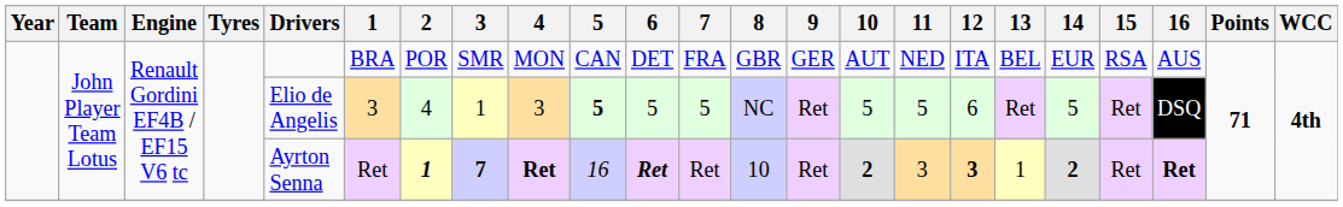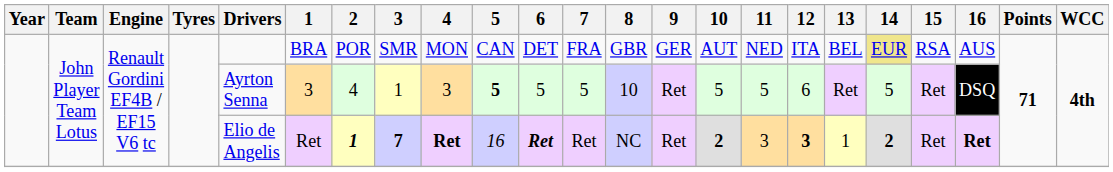 <table class="wikitable" style="text-align:center; font-size:95%">
 <tr>
 <th>Year</th>
 <th>Team</th>
 <th>Engine</th>
 <th>Tyres</th>
 <th>Drivers</th>
 <th>1</th>
 <th>2</th>
 <th>3</th>
 <th>4</th>
 <th>5</th>
 <th>6</th>
 <th>7</th>
 <th>8</th>
 <th>9</th>
 <th>10</th>
 <th>11</th>
 <th>12</th>
 <th>13</th>
 <th>14</th>
 <th>15</th>
 <th>16</th>
 <th>Points</th>
 <th>WCC</th>
 </tr>
 <tr>
 <td rowspan="3"></td>
 <td rowspan="3"><a href='#'>John Player</a> <a href='#'>Team Lotus</a></td>
 <td rowspan="3"><a href='#'>Renault Gordini</a><br><a href='#'>EF4B</a> / <a href='#'>EF15</a><br><a href='#'>V6</a> <a href='#'>tc</a></td>
 <td rowspan="3"></td>
 <td></td>
 <td><a href='#'>BRA</a></td>
 <td><a href='#'>POR</a></td>
 <td><a href='#'>SMR</a></td>
 <td><a href='#'>MON</a></td>
 <td><a href='#'>CAN</a></td>
 <td><a href='#'>DET</a></td>
 <td><a href='#'>FRA</a></td>
 <td><a href='#'>GBR</a></td>
 <td><a href='#'>GER</a></td>
 <td><a href='#'>AUT</a></td>
 <td><a href='#'>NED</a></td>
 <td><a href='#'>ITA</a></td>
 <td><a href='#'>BEL</a></td>
-<td><a href='#'>EUR</a></td>
+<td style="background: khaki;"><a href='#'>EUR</a></td>
 <td><a href='#'>RSA</a></td>
 <td><a href='#'>AUS</a></td>
 <td rowspan="3"><strong>71</strong></td>
 <td rowspan="3"><strong>4th</strong></td>
 </tr>
 <tr>
-<td align="left"><a href='#'>Elio de Angelis</a></td>
+<td align="left"><a href='#'>Ayrton Senna</a></td>
 <td style="background:#ffdf9f;">3</td>
 <td style="background:#dfffdf;">4</td>
 <td style="background:#ffffbf;">1</td>
 <td style="background:#ffdf9f;">3</td>
 <td style="background:#dfffdf;"><strong>5</strong></td>
 <td style="background:#dfffdf;">5</td>
 <td style="background:#dfffdf;">5</td>
-<td style="background:#cfcfff;">NC</td>
+<td style="background:#cfcfff;">10</td>
 <td style="background:#efcfff;">Ret</td>
 <td style="background:#dfffdf;">5</td>
 <td style="background:#dfffdf;">5</td>
 <td style="background:#dfffdf;">6</td>
 <td style="background:#efcfff;">Ret</td>
 <td style="background:#dfffdf;">5</td>
 <td style="background:#efcfff;">Ret</td>
 <td style="background:#000; color:#fff;">DSQ</td>
 </tr>
 <tr>
-<td align="left"><a href='#'>Ayrton Senna</a></td>
+<td align="left"><a href='#'>Elio de Angelis</a></td>
 <td style="background:#efcfff;">Ret</td>
 <td style="background:#ffffbf;"><strong><em>1</em></strong></td>
 <td style="background:#cfcfff;"><strong>7</strong></td>
 <td style="background:#efcfff;"><strong>Ret</strong></td>
 <td style="background:#cfcfff;"><em>16</em></td>
 <td style="background:#efcfff;"><strong><em>Ret</em></strong></td>
 <td style="background:#efcfff;">Ret</td>
-<td style="background:#cfcfff;">10</td>
+<td style="background:#cfcfff;">NC</td>
 <td style="background:#efcfff;">Ret</td>
 <td style="background:#dfdfdf;"><strong>2</strong></td>
 <td style="background:#ffdf9f;">3</td>
 <td style="background:#ffdf9f;"><strong>3</strong></td>
 <td style="background:#ffffbf;">1</td>
 <td style="background:#dfdfdf;"><strong>2</strong></td>
 <td style="background:#efcfff;">Ret</td>
 <td style="background:#efcfff;"><strong>Ret</strong></td>
 </tr>
 <tr>
 </tr>
 </table>
